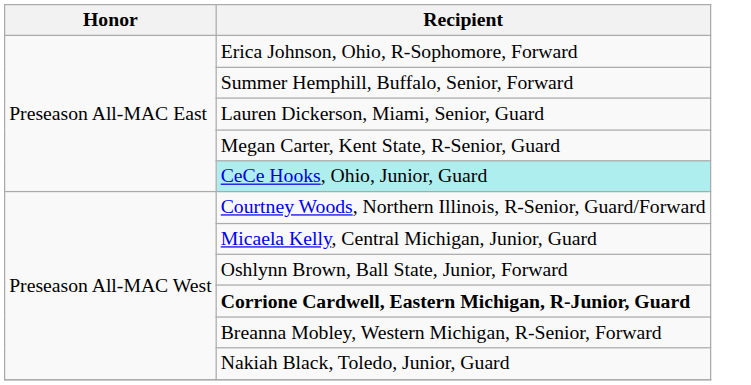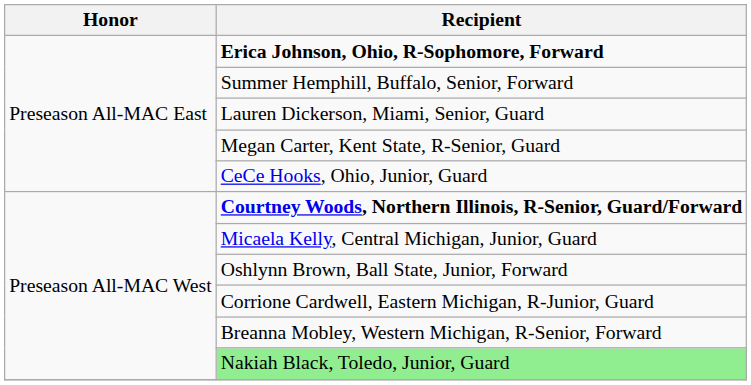 <table class="wikitable" border="1">
 <tr>
 <th>Honor</th>
 <th>Recipient</th>
 </tr>
 <tr>
 <td rowspan=5 valign=middle>Preseason All-MAC East</td>
-<td>Erica Johnson, Ohio, R-Sophomore, Forward</td>
+<td><strong>Erica Johnson, Ohio, R-Sophomore, Forward</strong></td>
 </tr>
 <tr>
 <td>Summer Hemphill, Buffalo, Senior, Forward</td>
 </tr>
 <tr>
 <td>Lauren Dickerson, Miami, Senior, Guard</td>
 </tr>
 <tr>
 <td>Megan Carter, Kent State, R-Senior, Guard</td>
 </tr>
 <tr>
-<td style="background: paleturquoise;"><a href='#'>CeCe Hooks</a>, Ohio, Junior, Guard</td>
+<td><a href='#'>CeCe Hooks</a>, Ohio, Junior, Guard</td>
 </tr>
 <tr>
 <td rowspan=6 valign=middle>Preseason All-MAC West</td>
-<td><a href='#'>Courtney Woods</a>, Northern Illinois, R-Senior, Guard/Forward</td>
+<td><strong><a href='#'>Courtney Woods</a>, Northern Illinois, R-Senior, Guard/Forward</strong></td>
 </tr>
 <tr>
 <td><a href='#'>Micaela Kelly</a>, Central Michigan, Junior, Guard</td>
 </tr>
 <tr>
 <td>Oshlynn Brown, Ball State, Junior, Forward</td>
 </tr>
 <tr>
-<td><strong>Corrione Cardwell, Eastern Michigan, R-Junior, Guard</strong></td>
+<td>Corrione Cardwell, Eastern Michigan, R-Junior, Guard</td>
 </tr>
 <tr>
 <td>Breanna Mobley, Western Michigan, R-Senior, Forward</td>
 </tr>
 <tr>
-<td>Nakiah Black, Toledo, Junior, Guard</td>
+<td style="background: lightgreen;">Nakiah Black, Toledo, Junior, Guard</td>
 </tr>
 <tr>
 </tr>
 </table>
